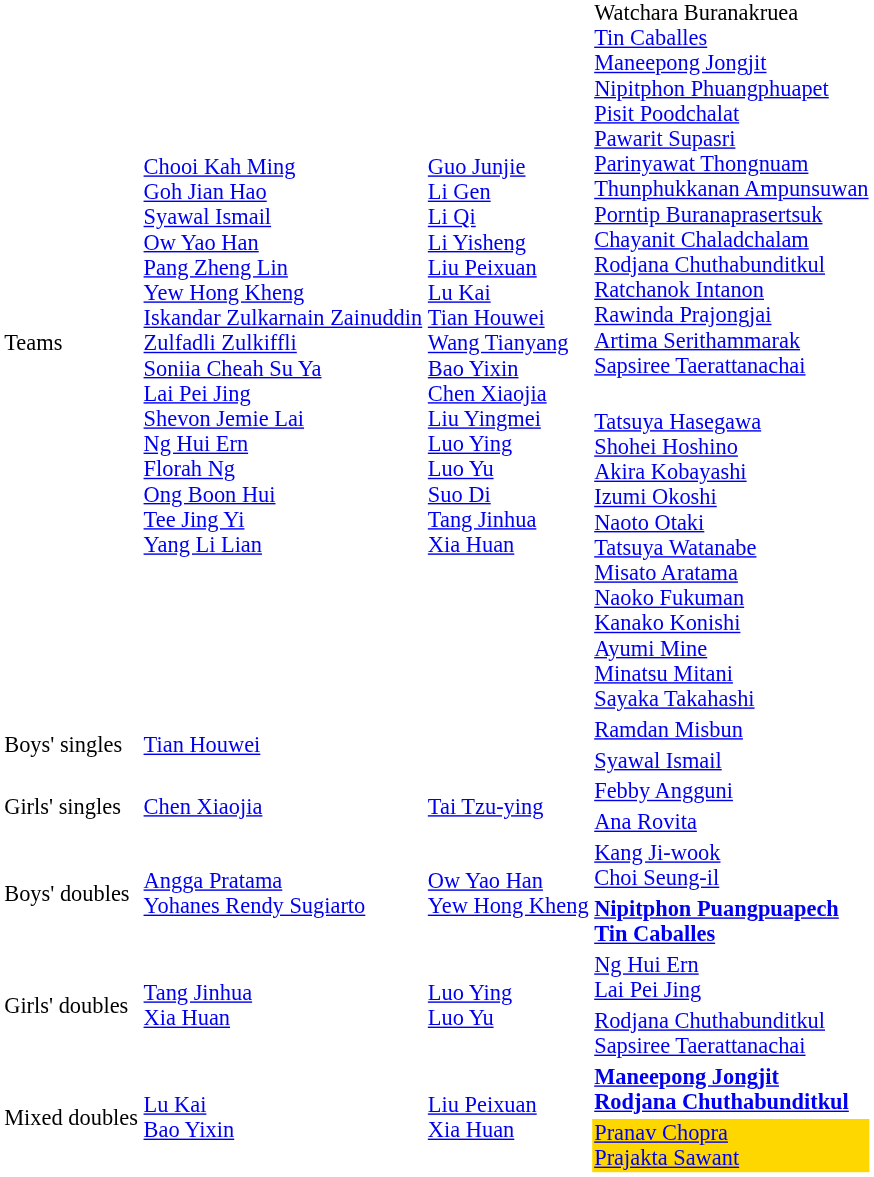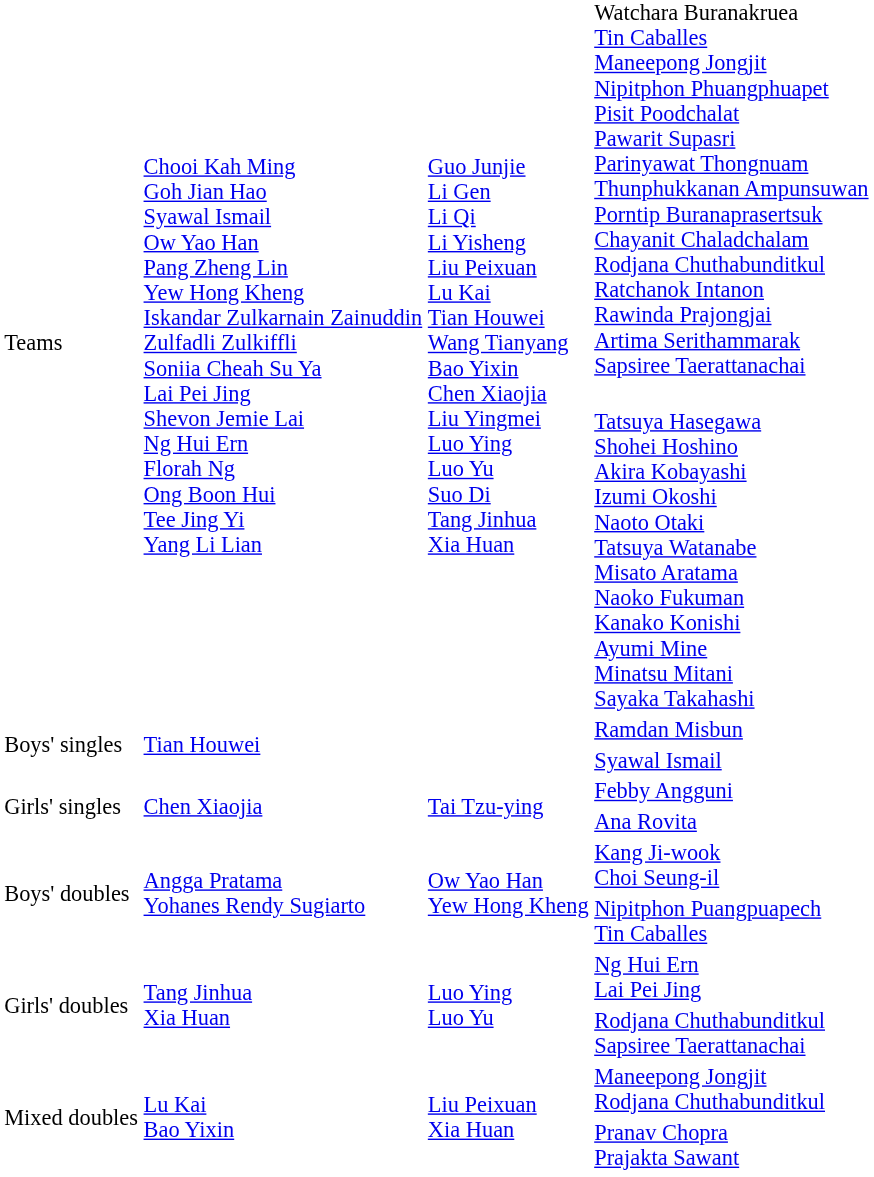 <table>
 <tr>
 <td rowspan=2>Teams<br></td>
 <td rowspan=2><br><a href='#'>Chooi Kah Ming</a><br><a href='#'>Goh Jian Hao</a><br><a href='#'>Syawal Ismail</a><br><a href='#'>Ow Yao Han</a><br><a href='#'>Pang Zheng Lin</a><br><a href='#'>Yew Hong Kheng</a><br><a href='#'>Iskandar Zulkarnain Zainuddin</a><br><a href='#'>Zulfadli Zulkiffli</a><br><a href='#'>Soniia Cheah Su Ya</a><br><a href='#'>Lai Pei Jing</a><br><a href='#'>Shevon Jemie Lai</a><br><a href='#'>Ng Hui Ern</a><br><a href='#'>Florah Ng</a><br><a href='#'>Ong Boon Hui</a><br><a href='#'>Tee Jing Yi</a><br><a href='#'>Yang Li Lian</a></td>
 <td rowspan=2><br><a href='#'>Guo Junjie</a><br><a href='#'>Li Gen</a><br><a href='#'>Li Qi</a><br><a href='#'>Li Yisheng</a><br><a href='#'>Liu Peixuan</a><br><a href='#'>Lu Kai</a><br><a href='#'>Tian Houwei</a><br><a href='#'>Wang Tianyang</a><br><a href='#'>Bao Yixin</a><br><a href='#'>Chen Xiaojia</a><br><a href='#'>Liu Yingmei</a><br><a href='#'>Luo Ying</a><br><a href='#'>Luo Yu</a><br><a href='#'>Suo Di</a><br><a href='#'>Tang Jinhua</a><br><a href='#'>Xia Huan</a></td>
 <td><br>Watchara Buranakruea<br><a href='#'>Tin Caballes</a><br><a href='#'>Maneepong Jongjit</a><br><a href='#'>Nipitphon Phuangphuapet</a><br><a href='#'>Pisit Poodchalat</a><br><a href='#'>Pawarit Supasri</a><br><a href='#'>Parinyawat Thongnuam</a><br><a href='#'>Thunphukkanan Ampunsuwan</a><br><a href='#'>Porntip Buranaprasertsuk</a><br><a href='#'>Chayanit Chaladchalam</a><br><a href='#'>Rodjana Chuthabunditkul</a><br><a href='#'>Ratchanok Intanon</a><br><a href='#'>Rawinda Prajongjai</a><br><a href='#'>Artima Serithammarak</a><br><a href='#'>Sapsiree Taerattanachai</a></td>
 </tr>
 <tr>
 <td><br><a href='#'>Tatsuya Hasegawa</a><br><a href='#'>Shohei Hoshino</a><br><a href='#'>Akira Kobayashi</a><br><a href='#'>Izumi Okoshi</a><br><a href='#'>Naoto Otaki</a><br><a href='#'>Tatsuya Watanabe</a><br><a href='#'>Misato Aratama</a><br><a href='#'>Naoko Fukuman</a><br><a href='#'>Kanako Konishi</a><br><a href='#'>Ayumi Mine</a><br><a href='#'>Minatsu Mitani</a><br><a href='#'>Sayaka Takahashi</a></td>
 </tr>
 <tr>
 <td rowspan=2>Boys' singles<br></td>
 <td rowspan=2> <a href='#'>Tian Houwei</a></td>
 <td rowspan=2></td>
 <td> <a href='#'>Ramdan Misbun</a></td>
 </tr>
 <tr>
 <td> <a href='#'>Syawal Ismail</a></td>
 </tr>
 <tr>
 <td rowspan=2>Girls' singles<br></td>
 <td rowspan=2> <a href='#'>Chen Xiaojia</a></td>
 <td rowspan=2> <a href='#'>Tai Tzu-ying</a></td>
 <td> <a href='#'>Febby Angguni</a></td>
 </tr>
 <tr>
 <td> <a href='#'>Ana Rovita</a></td>
 </tr>
 <tr>
 <td rowspan=2>Boys' doubles<br></td>
 <td rowspan=2> <a href='#'>Angga Pratama</a><br> <a href='#'>Yohanes Rendy Sugiarto</a></td>
 <td rowspan=2> <a href='#'>Ow Yao Han</a><br> <a href='#'>Yew Hong Kheng</a></td>
 <td> <a href='#'>Kang Ji-wook</a><br> <a href='#'>Choi Seung-il</a></td>
 </tr>
 <tr>
-<td><strong> <a href='#'>Nipitphon Puangpuapech</a><br> <a href='#'>Tin Caballes</a></strong></td>
+<td> <a href='#'>Nipitphon Puangpuapech</a><br> <a href='#'>Tin Caballes</a></td>
 </tr>
 <tr>
 <td rowspan=2>Girls' doubles<br></td>
 <td rowspan=2> <a href='#'>Tang Jinhua</a><br> <a href='#'>Xia Huan</a></td>
 <td rowspan=2> <a href='#'>Luo Ying</a><br> <a href='#'>Luo Yu</a></td>
 <td> <a href='#'>Ng Hui Ern</a><br> <a href='#'>Lai Pei Jing</a></td>
 </tr>
 <tr>
 <td> <a href='#'>Rodjana Chuthabunditkul</a><br> <a href='#'>Sapsiree Taerattanachai</a></td>
 </tr>
 <tr>
 <td rowspan=2>Mixed doubles<br></td>
 <td rowspan=2> <a href='#'>Lu Kai</a><br> <a href='#'>Bao Yixin</a></td>
 <td rowspan=2> <a href='#'>Liu Peixuan</a><br> <a href='#'>Xia Huan</a></td>
-<td><strong> <a href='#'>Maneepong Jongjit</a><br> <a href='#'>Rodjana Chuthabunditkul</a></strong></td>
+<td> <a href='#'>Maneepong Jongjit</a><br> <a href='#'>Rodjana Chuthabunditkul</a></td>
 </tr>
 <tr>
-<td style="background: gold;"> <a href='#'>Pranav Chopra</a><br> <a href='#'>Prajakta Sawant</a></td>
+<td> <a href='#'>Pranav Chopra</a><br> <a href='#'>Prajakta Sawant</a></td>
 </tr>
 </table>
